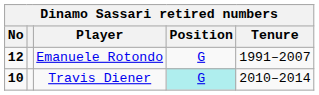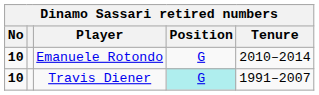 <table class="wikitable sortable" style="font-size: 95%; text-align:center;">
 <tr>
 <th colspan=6>Dinamo Sassari retired numbers</th>
 </tr>
 <tr>
 <th>No</th>
 <th></th>
 <th>Player</th>
 <th>Position</th>
 <th>Tenure</th>
 </tr>
 <tr>
-<td><strong>12</strong></td>
+<td><strong>10</strong></td>
 <td></td>
 <td><a href='#'>Emanuele Rotondo</a></td>
 <td><a href='#'>G</a></td>
-<td>1991–2007</td>
+<td>2010–2014</td>
 </tr>
 <tr>
 <td><strong>10</strong></td>
 <td></td>
 <td><a href='#'>Travis Diener</a></td>
 <td style="background: paleturquoise;"><a href='#'>G</a></td>
-<td>2010–2014</td>
+<td>1991–2007</td>
 </tr>
 </table>
